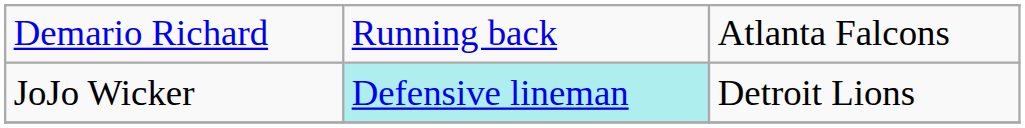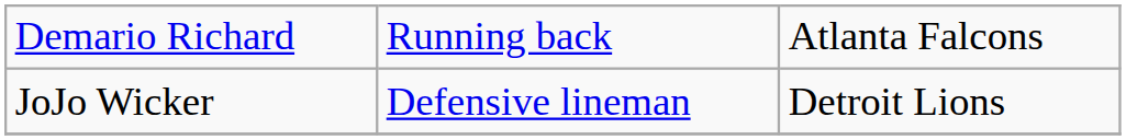 <table class="wikitable" style="width:50%;">
 <tr>
 <td><a href='#'>Demario Richard</a></td>
 <td><a href='#'>Running back</a></td>
 <td>Atlanta Falcons</td>
 </tr>
 <tr>
 <td>JoJo Wicker</td>
-<td style="background: paleturquoise;"><a href='#'>Defensive lineman</a></td>
+<td><a href='#'>Defensive lineman</a></td>
 <td>Detroit Lions</td>
 </tr>
 <tr>
 </tr>
 </table>
